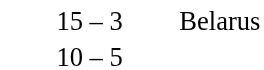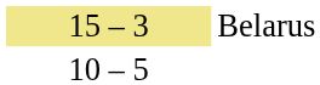 <table style="text-align:center">
 <tr>
 <th width=200></th>
 <th width=100></th>
 <th width=200></th>
 </tr>
 <tr>
 <td align=right><strong></strong></td>
-<td>15 – 3</td>
+<td style="background: khaki;">15 – 3</td>
 <td align=left>Belarus</td>
 </tr>
 <tr>
 <td align=right><strong></strong></td>
 <td>10 – 5</td>
 <td align=left></td>
 </tr>
 </table>
